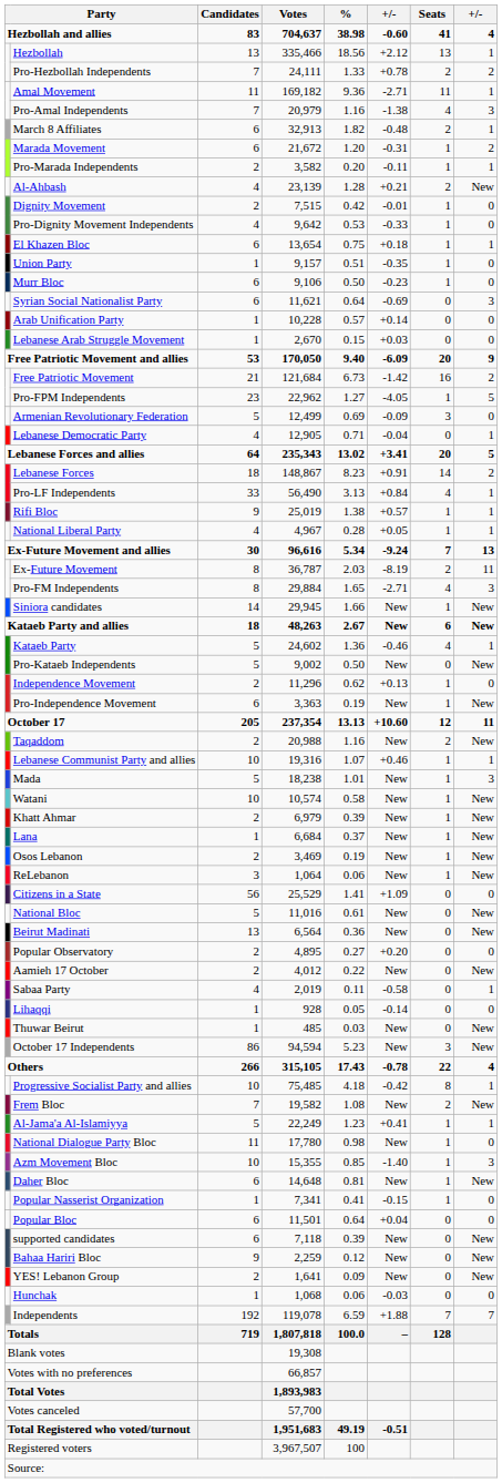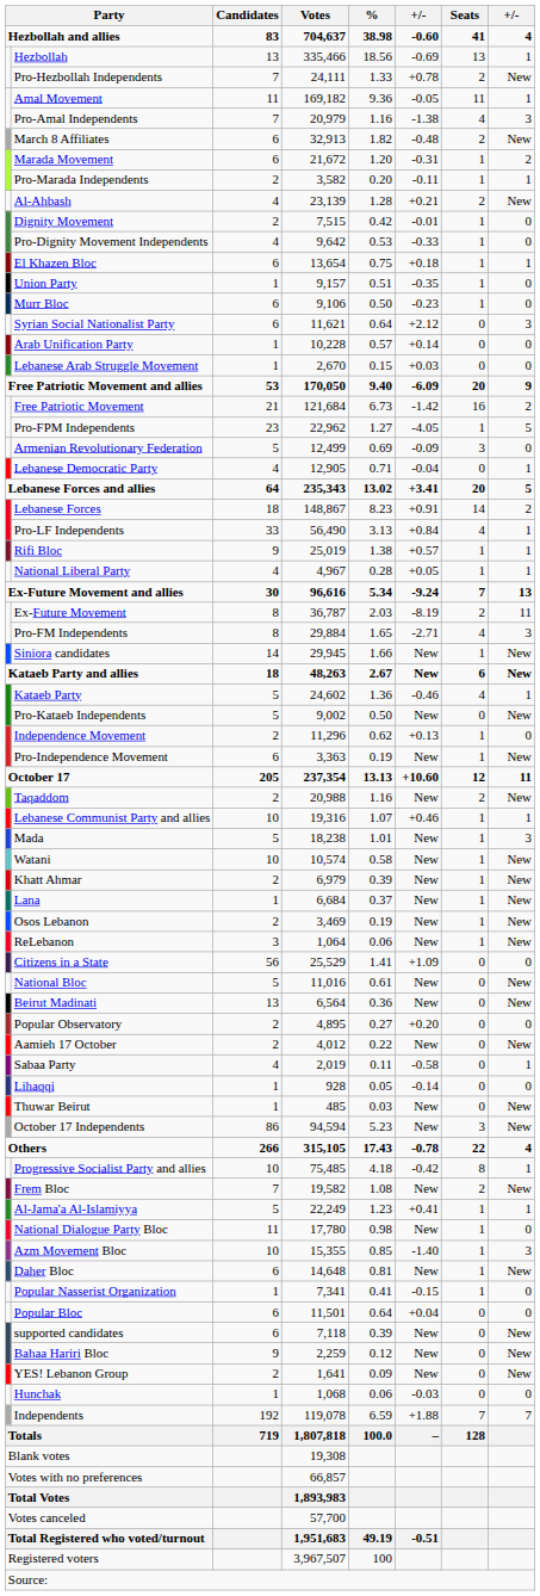 <table class="wikitable sortable" style="text-align:right">
 <tr>
 <th colspan="2" scope="col">Party</th>
 <th>Candidates</th>
 <th scope="col">Votes</th>
 <th scope="col">%</th>
 <th scope="col">+/-</th>
 <th scope="col">Seats</th>
 <th>+/-</th>
 </tr>
 <tr>
 <td colspan="2" style="text-align:left;"><strong>Hezbollah and allies</strong></td>
 <td><strong>83</strong></td>
 <td><strong>704,637</strong></td>
 <td><strong>38.98</strong></td>
 <td><strong>-0.60</strong></td>
 <td><strong>41</strong></td>
 <td><strong>4</strong></td>
 </tr>
 <tr>
 <td rowspan="2" style="background-color:"></td>
 <td style="text-align:left;"><a href='#'>Hezbollah</a></td>
 <td>13</td>
 <td>335,466</td>
 <td>18.56</td>
-<td>+2.12</td>
+<td>-0.69</td>
 <td>13</td>
 <td>1</td>
 </tr>
 <tr>
 <td style="text-align:left;">Pro-Hezbollah Independents</td>
 <td>7</td>
 <td>24,111</td>
 <td>1.33</td>
 <td>+0.78</td>
 <td>2</td>
-<td>2</td>
+<td>New</td>
 </tr>
 <tr>
 <td rowspan="2" style="background-color:"></td>
 <td style="text-align:left;"><a href='#'>Amal Movement</a></td>
 <td>11</td>
 <td>169,182</td>
 <td>9.36</td>
-<td>-2.71</td>
+<td>-0.05</td>
 <td>11</td>
 <td>1</td>
 </tr>
 <tr>
 <td style="text-align:left;">Pro-Amal Independents</td>
 <td>7</td>
 <td>20,979</td>
 <td>1.16</td>
 <td>-1.38</td>
 <td>4</td>
 <td>3</td>
 </tr>
 <tr>
 <td style="background-color:darkgray"></td>
 <td style="text-align:left;">March 8 Affiliates</td>
 <td>6</td>
 <td>32,913</td>
 <td>1.82</td>
 <td>-0.48</td>
 <td>2</td>
-<td>1</td>
+<td>New</td>
 </tr>
 <tr>
 <td rowspan="2" style="background-color:#ADFF2F"></td>
 <td style="text-align:left;"><a href='#'>Marada Movement</a></td>
 <td>6</td>
 <td>21,672</td>
 <td>1.20</td>
 <td>-0.31</td>
 <td>1</td>
 <td>2</td>
 </tr>
 <tr>
 <td style="text-align:left;">Pro-Marada Independents</td>
 <td>2</td>
 <td>3,582</td>
 <td>0.20</td>
 <td>-0.11</td>
 <td>1</td>
 <td>1</td>
 </tr>
 <tr>
 <td style="background-color:"></td>
 <td style="text-align:left;"><a href='#'>Al-Ahbash</a></td>
 <td>4</td>
 <td>23,139</td>
 <td>1.28</td>
 <td>+0.21</td>
 <td>2</td>
 <td>New</td>
 </tr>
 <tr>
 <td rowspan="2" style="background-color:#408640"></td>
 <td style="text-align:left;"><a href='#'>Dignity Movement</a></td>
 <td>2</td>
 <td>7,515</td>
 <td>0.42</td>
 <td>-0.01</td>
 <td>1</td>
 <td>0</td>
 </tr>
 <tr>
 <td style="text-align:left;">Pro-Dignity Movement Independents</td>
 <td>4</td>
 <td>9,642</td>
 <td>0.53</td>
 <td>-0.33</td>
 <td>1</td>
 <td>0</td>
 </tr>
 <tr>
 <td style="background-color:darkred"></td>
 <td style="text-align:left;"><a href='#'>El Khazen Bloc</a></td>
 <td>6</td>
 <td>13,654</td>
 <td>0.75</td>
 <td>+0.18</td>
 <td>1</td>
 <td>1</td>
 </tr>
 <tr>
 <td style="background-color:black"></td>
 <td style="text-align:left;"><a href='#'>Union Party</a></td>
 <td>1</td>
 <td>9,157</td>
 <td>0.51</td>
 <td>-0.35</td>
 <td>1</td>
 <td>0</td>
 </tr>
 <tr>
 <td style="background-color:#032C5A"></td>
 <td style="text-align:left;"><a href='#'>Murr Bloc</a></td>
 <td>6</td>
 <td>9,106</td>
 <td>0.50</td>
 <td>-0.23</td>
 <td>1</td>
 <td>0</td>
 </tr>
 <tr>
 <td style="background-color:"></td>
 <td style="text-align:left;"><a href='#'>Syrian Social Nationalist Party</a></td>
 <td>6</td>
 <td>11,621</td>
 <td>0.64</td>
-<td>-0.69</td>
+<td>+2.12</td>
 <td>0</td>
 <td>3</td>
 </tr>
 <tr>
 <td style="background-color:#92000A"></td>
 <td style="text-align:left;"><a href='#'>Arab Unification Party</a></td>
 <td>1</td>
 <td>10,228</td>
 <td>0.57</td>
 <td>+0.14</td>
 <td>0</td>
 <td>0</td>
 </tr>
 <tr>
 <td style="background-color:forestgreen"></td>
 <td style="text-align:left;"><a href='#'>Lebanese Arab Struggle Movement</a></td>
 <td>1</td>
 <td>2,670</td>
 <td>0.15</td>
 <td>+0.03</td>
 <td>0</td>
 <td>0</td>
 </tr>
 <tr>
 <td colspan="2" style="text-align:left;"><strong>Free Patriotic Movement and allies</strong></td>
 <td><strong>53</strong></td>
 <td><strong>170,050</strong></td>
 <td><strong>9.40</strong></td>
 <td><strong>-6.09</strong></td>
 <td><strong>20</strong></td>
 <td><strong>9</strong></td>
 </tr>
 <tr>
 <td rowspan="2" style="background-color:"></td>
 <td style="text-align:left;"><a href='#'>Free Patriotic Movement</a></td>
 <td>21</td>
 <td>121,684</td>
 <td>6.73</td>
 <td>-1.42</td>
 <td>16</td>
 <td>2</td>
 </tr>
 <tr>
 <td style="text-align:left;">Pro-FPM Independents</td>
 <td>23</td>
 <td>22,962</td>
 <td>1.27</td>
 <td>-4.05</td>
 <td>1</td>
 <td>5</td>
 </tr>
 <tr>
 <td style="background-color:"></td>
 <td style="text-align:left;"><a href='#'>Armenian Revolutionary Federation</a></td>
 <td>5</td>
 <td>12,499</td>
 <td>0.69</td>
 <td>-0.09</td>
 <td>3</td>
 <td>0</td>
 </tr>
 <tr>
 <td style="background-color:red"></td>
 <td style="text-align:left;"><a href='#'>Lebanese Democratic Party</a></td>
 <td>4</td>
 <td>12,905</td>
 <td>0.71</td>
 <td>-0.04</td>
 <td>0</td>
 <td>1</td>
 </tr>
 <tr>
 <td colspan="2" style="text-align:left;"><strong>Lebanese Forces and allies</strong></td>
 <td><strong>64</strong></td>
 <td><strong>235,343</strong></td>
 <td><strong>13.02</strong></td>
 <td><strong>+3.41</strong></td>
 <td><strong>20</strong></td>
 <td><strong>5</strong></td>
 </tr>
 <tr>
 <td rowspan="2" style="background-color:#F0001C"></td>
 <td style="text-align:left;"><a href='#'>Lebanese Forces</a></td>
 <td>18</td>
 <td>148,867</td>
 <td>8.23</td>
 <td>+0.91</td>
 <td>14</td>
 <td>2</td>
 </tr>
 <tr>
 <td style="text-align:left;">Pro-LF Independents</td>
 <td>33</td>
 <td>56,490</td>
 <td>3.13</td>
 <td>+0.84</td>
 <td>4</td>
 <td>1</td>
 </tr>
 <tr>
 <td style="background-color:#7E102D"></td>
 <td style="text-align:left;"><a href='#'>Rifi Bloc</a></td>
 <td>9</td>
 <td>25,019</td>
 <td>1.38</td>
 <td>+0.57</td>
 <td>1</td>
 <td>1</td>
 </tr>
 <tr>
 <td style="background-color:"></td>
 <td style="text-align:left;"><a href='#'>National Liberal Party</a></td>
 <td>4</td>
 <td>4,967</td>
 <td>0.28</td>
 <td>+0.05</td>
 <td>1</td>
 <td>1</td>
 </tr>
 <tr>
 <td colspan="2" style="text-align:left;"><strong>Ex-Future Movement and allies</strong></td>
 <td><strong>30</strong></td>
 <td><strong>96,616</strong></td>
 <td><strong>5.34</strong></td>
 <td><strong>-9.24</strong></td>
 <td><strong>7</strong></td>
 <td><strong>13</strong></td>
 </tr>
 <tr>
 <td rowspan="2" style="background-color:"></td>
 <td style="text-align:left;">Ex-<a href='#'>Future Movement</a></td>
 <td>8</td>
 <td>36,787</td>
 <td>2.03</td>
 <td>-8.19</td>
 <td>2</td>
 <td>11</td>
 </tr>
 <tr>
 <td style="text-align:left;">Pro-FM Independents</td>
 <td>8</td>
 <td>29,884</td>
 <td>1.65</td>
 <td>-2.71</td>
 <td>4</td>
 <td>3</td>
 </tr>
 <tr>
 <td style="background-color:#004eff"></td>
 <td style="text-align:left;"><a href='#'>Siniora</a> candidates</td>
 <td>14</td>
 <td>29,945</td>
 <td>1.66</td>
 <td>New</td>
 <td>1</td>
 <td>New</td>
 </tr>
 <tr>
 <td colspan="2" style="text-align:left;"><strong>Kataeb Party and allies</strong></td>
 <td><strong>18</strong></td>
 <td><strong>48,263</strong></td>
 <td><strong>2.67</strong></td>
 <td><strong>New</strong></td>
 <td><strong>6</strong></td>
 <td><strong>New</strong></td>
 </tr>
 <tr>
 <td rowspan="2" style="background-color:#138808"></td>
 <td style="text-align:left;"><a href='#'>Kataeb Party</a></td>
 <td>5</td>
 <td>24,602</td>
 <td>1.36</td>
 <td>-0.46</td>
 <td>4</td>
 <td>1</td>
 </tr>
 <tr>
 <td style="text-align:left;">Pro-Kataeb Independents</td>
 <td>5</td>
 <td>9,002</td>
 <td>0.50</td>
 <td>New</td>
 <td>0</td>
 <td>New</td>
 </tr>
 <tr>
 <td rowspan="2" style="background-color:#DA2125"></td>
 <td style="text-align:left;"><a href='#'>Independence Movement</a></td>
 <td>2</td>
 <td>11,296</td>
 <td>0.62</td>
 <td>+0.13</td>
 <td>1</td>
 <td>0</td>
 </tr>
 <tr>
 <td style="text-align:left;">Pro-Independence Movement</td>
 <td>6</td>
 <td>3,363</td>
 <td>0.19</td>
 <td>New</td>
 <td>1</td>
 <td>New</td>
 </tr>
 <tr>
 <td colspan="2" style="text-align:left;"><strong>October 17</strong></td>
 <td><strong>205</strong></td>
 <td><strong>237,354</strong></td>
 <td><strong>13.13</strong></td>
 <td><strong>+10.60</strong></td>
 <td><strong>12</strong></td>
 <td><strong>11</strong></td>
 </tr>
 <tr>
 <td style="background-color:#65c308"></td>
 <td style="text-align:left;"><a href='#'>Taqaddom</a></td>
 <td>2</td>
 <td>20,988</td>
 <td>1.16</td>
 <td>New</td>
 <td>2</td>
 <td>New</td>
 </tr>
 <tr>
 <td style="background-color:red"></td>
 <td style="text-align:left;"><a href='#'>Lebanese Communist Party</a> and allies</td>
 <td>10</td>
 <td>19,316</td>
 <td>1.07</td>
 <td>+0.46</td>
 <td>1</td>
 <td>1</td>
 </tr>
 <tr>
 <td style="background-color:#1e40dd"></td>
 <td style="text-align:left;">Mada</td>
 <td>5</td>
 <td>18,238</td>
 <td>1.01</td>
 <td>New</td>
 <td>1</td>
 <td>3</td>
 </tr>
 <tr>
 <td style="background-color:#5ac5cb"></td>
 <td style="text-align:left;">Watani</td>
 <td>10</td>
 <td>10,574</td>
 <td>0.58</td>
 <td>New</td>
 <td>1</td>
 <td>New</td>
 </tr>
 <tr>
 <td style="background-color:#d60303"></td>
 <td style="text-align:left;">Khatt Ahmar</td>
 <td>2</td>
 <td>6,979</td>
 <td>0.39</td>
 <td>New</td>
 <td>1</td>
 <td>New</td>
 </tr>
 <tr>
 <td style="background-color:#006f66"></td>
 <td style="text-align:left;"><a href='#'>Lana</a></td>
 <td>1</td>
 <td>6,684</td>
 <td>0.37</td>
 <td>New</td>
 <td>1</td>
 <td>New</td>
 </tr>
 <tr>
 <td style="background-color:#004eff"></td>
 <td style="text-align:left;">Osos Lebanon</td>
 <td>2</td>
 <td>3,469</td>
 <td>0.19</td>
 <td>New</td>
 <td>1</td>
 <td>New</td>
 </tr>
 <tr>
 <td style="background-color:#f50025"></td>
 <td style="text-align:left;">ReLebanon</td>
 <td>3</td>
 <td>1,064</td>
 <td>0.06</td>
 <td>New</td>
 <td>1</td>
 <td>New</td>
 </tr>
 <tr>
 <td style="background-color:#391b4f"></td>
 <td style="text-align:left;"><a href='#'>Citizens in a State</a></td>
 <td>56</td>
 <td>25,529</td>
 <td>1.41</td>
 <td>+1.09</td>
 <td>0</td>
 <td>0</td>
 </tr>
 <tr>
 <td style="background-color:"></td>
 <td style="text-align:left;"><a href='#'>National Bloc</a></td>
 <td>5</td>
 <td>11,016</td>
 <td>0.61</td>
 <td>New</td>
 <td>0</td>
 <td>New</td>
 </tr>
 <tr>
 <td style="background-color:black"></td>
 <td style="text-align:left;"><a href='#'>Beirut Madinati</a></td>
 <td>13</td>
 <td>6,564</td>
 <td>0.36</td>
 <td>New</td>
 <td>0</td>
 <td>New</td>
 </tr>
 <tr>
 <td style="background-color:brown"></td>
 <td style="text-align:left;">Popular Observatory</td>
 <td>2</td>
 <td>4,895</td>
 <td>0.27</td>
 <td>+0.20</td>
 <td>0</td>
 <td>0</td>
 </tr>
 <tr>
 <td style="background-color:red"></td>
 <td style="text-align:left;">Aamieh 17 October</td>
 <td>2</td>
 <td>4,012</td>
 <td>0.22</td>
 <td>New</td>
 <td>0</td>
 <td>New</td>
 </tr>
 <tr>
 <td style="background-color:purple"></td>
 <td style="text-align:left;">Sabaa Party</td>
 <td>4</td>
 <td>2,019</td>
 <td>0.11</td>
 <td>-0.58</td>
 <td>0</td>
 <td>1</td>
 </tr>
 <tr>
 <td style="background-color:#2a3181"></td>
 <td style="text-align:left;"><a href='#'>Lihaqqi</a></td>
 <td>1</td>
 <td>928</td>
 <td>0.05</td>
 <td>-0.14</td>
 <td>0</td>
 <td>0</td>
 </tr>
 <tr>
 <td style="background-color:red"></td>
 <td style="text-align:left;">Thuwar Beirut</td>
 <td>1</td>
 <td>485</td>
 <td>0.03</td>
 <td>New</td>
 <td>0</td>
 <td>New</td>
 </tr>
 <tr>
 <td style="background-color:darkgray"></td>
 <td style="text-align:left;">October 17 Independents</td>
 <td>86</td>
 <td>94,594</td>
 <td>5.23</td>
 <td>New</td>
 <td>3</td>
 <td>New</td>
 </tr>
 <tr>
 <td colspan="2" style="text-align:left;"><strong>Others</strong></td>
 <td><strong>266</strong></td>
 <td><strong>315,105</strong></td>
 <td><strong>17.43</strong></td>
 <td><strong>-0.78</strong></td>
 <td><strong>22</strong></td>
 <td><strong>4</strong></td>
 </tr>
 <tr>
 <td style="background-color:"></td>
 <td style="text-align:left;"><a href='#'>Progressive Socialist Party</a> and allies</td>
 <td>10</td>
 <td>75,485</td>
 <td>4.18</td>
 <td>-0.42</td>
 <td>8</td>
 <td>1</td>
 </tr>
 <tr>
 <td style="background-color:#840B40"></td>
 <td style="text-align:left;"><a href='#'>Frem</a> Bloc</td>
 <td>7</td>
 <td>19,582</td>
 <td>1.08</td>
 <td>New</td>
 <td>2</td>
 <td>New</td>
 </tr>
 <tr>
 <td style="background-color:forestgreen"></td>
 <td style="text-align:left;"><a href='#'>Al-Jama'a Al-Islamiyya</a></td>
 <td>5</td>
 <td>22,249</td>
 <td>1.23</td>
 <td>+0.41</td>
 <td>1</td>
 <td>1</td>
 </tr>
 <tr>
 <td style="background-color:#EA0B2A"></td>
 <td style="text-align:left;"><a href='#'>National Dialogue Party</a> Bloc</td>
 <td>11</td>
 <td>17,780</td>
 <td>0.98</td>
 <td>New</td>
 <td>1</td>
 <td>0</td>
 </tr>
 <tr>
 <td style="background-color:#93308F"></td>
 <td style="text-align:left;"><a href='#'>Azm Movement</a> Bloc</td>
 <td>10</td>
 <td>15,355</td>
 <td>0.85</td>
 <td>-1.40</td>
 <td>1</td>
 <td>3</td>
 </tr>
 <tr>
 <td style="background-color:#2B4C6F"></td>
 <td style="text-align:left;"><a href='#'>Daher</a> Bloc</td>
 <td>6</td>
 <td>14,648</td>
 <td>0.81</td>
 <td>New</td>
 <td>1</td>
 <td>New</td>
 </tr>
 <tr>
 <td style="background-color:"></td>
 <td style="text-align:left;"><a href='#'>Popular Nasserist Organization</a></td>
 <td>1</td>
 <td>7,341</td>
 <td>0.41</td>
 <td>-0.15</td>
 <td>1</td>
 <td>0</td>
 </tr>
 <tr>
 <td style="background-color:"></td>
 <td style="text-align:left;"><a href='#'>Popular Bloc</a></td>
 <td>6</td>
 <td>11,501</td>
 <td>0.64</td>
 <td>+0.04</td>
 <td>0</td>
 <td>0</td>
 </tr>
 <tr>
 <td rowspan="2" style="background-color:#32475E"></td>
 <td style="text-align:left;"> supported candidates</td>
 <td>6</td>
 <td>7,118</td>
 <td>0.39</td>
 <td>New</td>
 <td>0</td>
 <td>New</td>
 </tr>
 <tr>
 <td style="text-align:left;"><a href='#'>Bahaa Hariri</a> Bloc</td>
 <td>9</td>
 <td>2,259</td>
 <td>0.12</td>
 <td>New</td>
 <td>0</td>
 <td>New</td>
 </tr>
 <tr>
 <td style="background-color:red"></td>
 <td style="text-align:left;">YES! Lebanon Group</td>
 <td>2</td>
 <td>1,641</td>
 <td>0.09</td>
 <td>New</td>
 <td>0</td>
 <td>New</td>
 </tr>
 <tr>
 <td style="background-color:"></td>
 <td style="text-align:left;"><a href='#'>Hunchak</a></td>
 <td>1</td>
 <td>1,068</td>
 <td>0.06</td>
 <td>-0.03</td>
 <td>0</td>
 <td>0</td>
 </tr>
 <tr>
 <td style="background-color:darkgrey"></td>
 <td style="text-align:left;">Independents</td>
 <td>192</td>
 <td>119,078</td>
 <td>6.59</td>
 <td>+1.88</td>
 <td>7</td>
 <td>7</td>
 </tr>
 <tr>
 <th colspan="2" style="text-align:left;width:200px">Totals</th>
 <th style="text-align:right;width:50px">719</th>
 <th style="text-align:right;width:75px">1,807,818</th>
 <th style="text-align:right;width:50px">100.0</th>
 <th style="text-align:right;width:50px">–</th>
 <th style="text-align:right;width:50px">128</th>
 <th style="text-align:right;width:50px"></th>
 </tr>
 <tr>
 <td colspan="2" style="text-align:left">Blank votes</td>
 <td></td>
 <td style="text-align:right">19,308</td>
 <td style="text-align:right"></td>
 <td style="text-align:right"></td>
 <td style="text-align:right"></td>
 <td style="text-align:right"></td>
 </tr>
 <tr>
 <td colspan="2" style="text-align:left">Votes with no preferences</td>
 <td></td>
 <td style="text-align:right">66,857</td>
 <td style="text-align:right"></td>
 <td style="text-align:right"></td>
 <td style="text-align:right"></td>
 <td style="text-align:right"></td>
 </tr>
 <tr>
 <th colspan="2" style="text-align:left;width:200px">Total Votes</th>
 <th></th>
 <th style="text-align:right;width:75px">1,893,983</th>
 <th style="text-align:right;width:50px"></th>
 <th style="text-align:right;width:50px"></th>
 <th style="text-align:right;width:50px"></th>
 <th style="text-align:right;width:50px"></th>
 </tr>
 <tr>
 <td colspan="2" style="text-align:left">Votes canceled</td>
 <td></td>
 <td style="text-align:right">57,700</td>
 <td style="text-align:right"></td>
 <td style="text-align:right"></td>
 <td style="text-align:right"></td>
 <td style="text-align:right"></td>
 </tr>
 <tr>
 <th colspan="2" style="text-align:left;width:200px">Total Registered who voted/turnout</th>
 <th></th>
 <th style="text-align:right;width:75px">1,951,683</th>
 <th style="text-align:right;width:50px">49.19</th>
 <th style="text-align:right;width:50px">-0.51</th>
 <th style="text-align:right;width:50px"></th>
 <th style="text-align:right;width:50px"></th>
 </tr>
 <tr>
 <td colspan="2" style="text-align:left;width:200px">Registered voters</td>
 <td></td>
 <td style="text-align:right;width:75px">3,967,507</td>
 <td style="text-align:right;width:50px">100</td>
 <td style="text-align:right;width:50px"></td>
 <td style="text-align:right;width:50px"></td>
 <td style="text-align:right;width:50px"></td>
 </tr>
 <tr>
 <td colspan="8" style="text-align:left;">Source:</td>
 </tr>
 </table>
